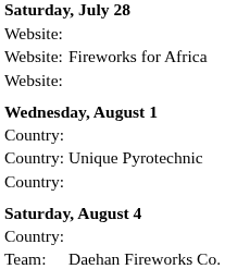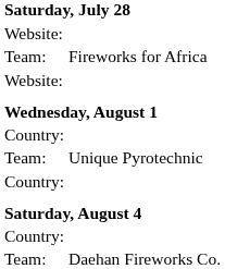 <table border="0">
 <tr>
 <td colspan="2"><strong>Saturday, July 28</strong></td>
 </tr>
 <tr>
 <td>Website:</td>
 <td></td>
 </tr>
 <tr>
-<td>Website:</td>
+<td>Team:</td>
 <td>Fireworks for Africa</td>
 </tr>
 <tr>
 <td>Website:</td>
 <td></td>
 </tr>
 <tr>
 <td colspan="2"></td>
 </tr>
 <tr>
 <td></td>
 </tr>
 <tr>
 <td colspan="2"><strong>Wednesday, August 1</strong></td>
 </tr>
 <tr>
 <td>Country:</td>
 <td></td>
 </tr>
 <tr>
-<td>Country:</td>
+<td>Team:</td>
 <td>Unique Pyrotechnic</td>
 </tr>
 <tr>
 <td>Country:</td>
 <td></td>
 </tr>
 <tr>
 <td colspan="2"></td>
 </tr>
 <tr>
 <td></td>
 </tr>
 <tr>
 <td colspan="2"><strong>Saturday, August 4</strong></td>
 </tr>
 <tr>
 <td>Country:</td>
 <td></td>
 </tr>
 <tr>
 <td>Team:</td>
 <td>Daehan Fireworks Co.</td>
 </tr>
 <tr>
 <td colspan="2"></td>
 </tr>
 </table>
